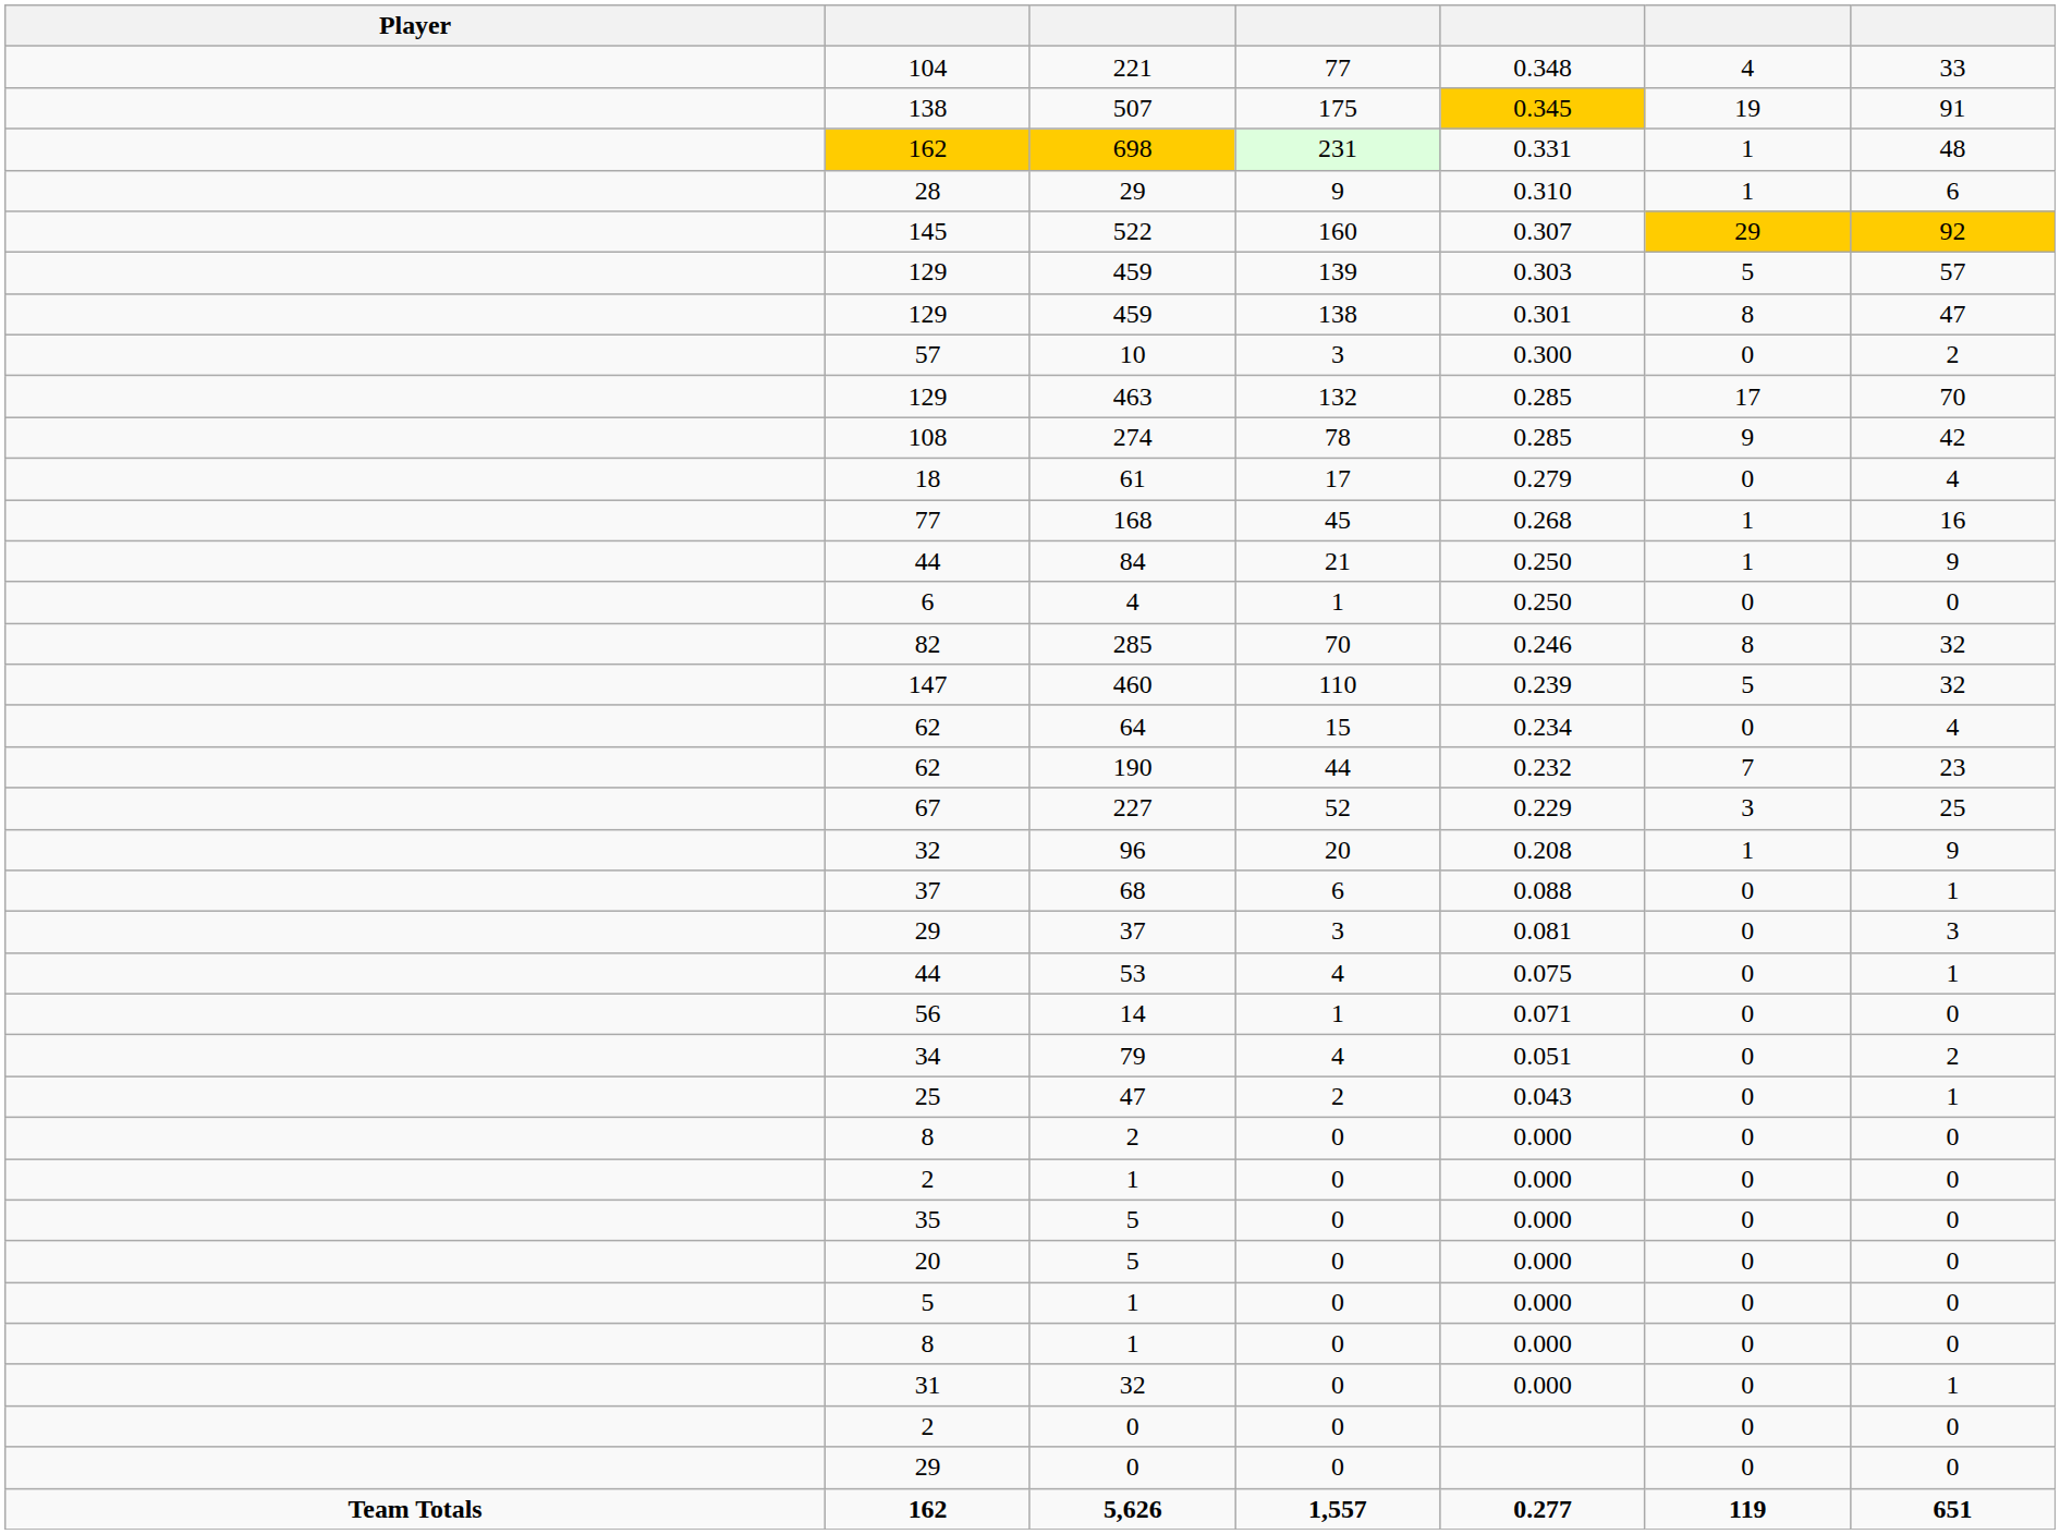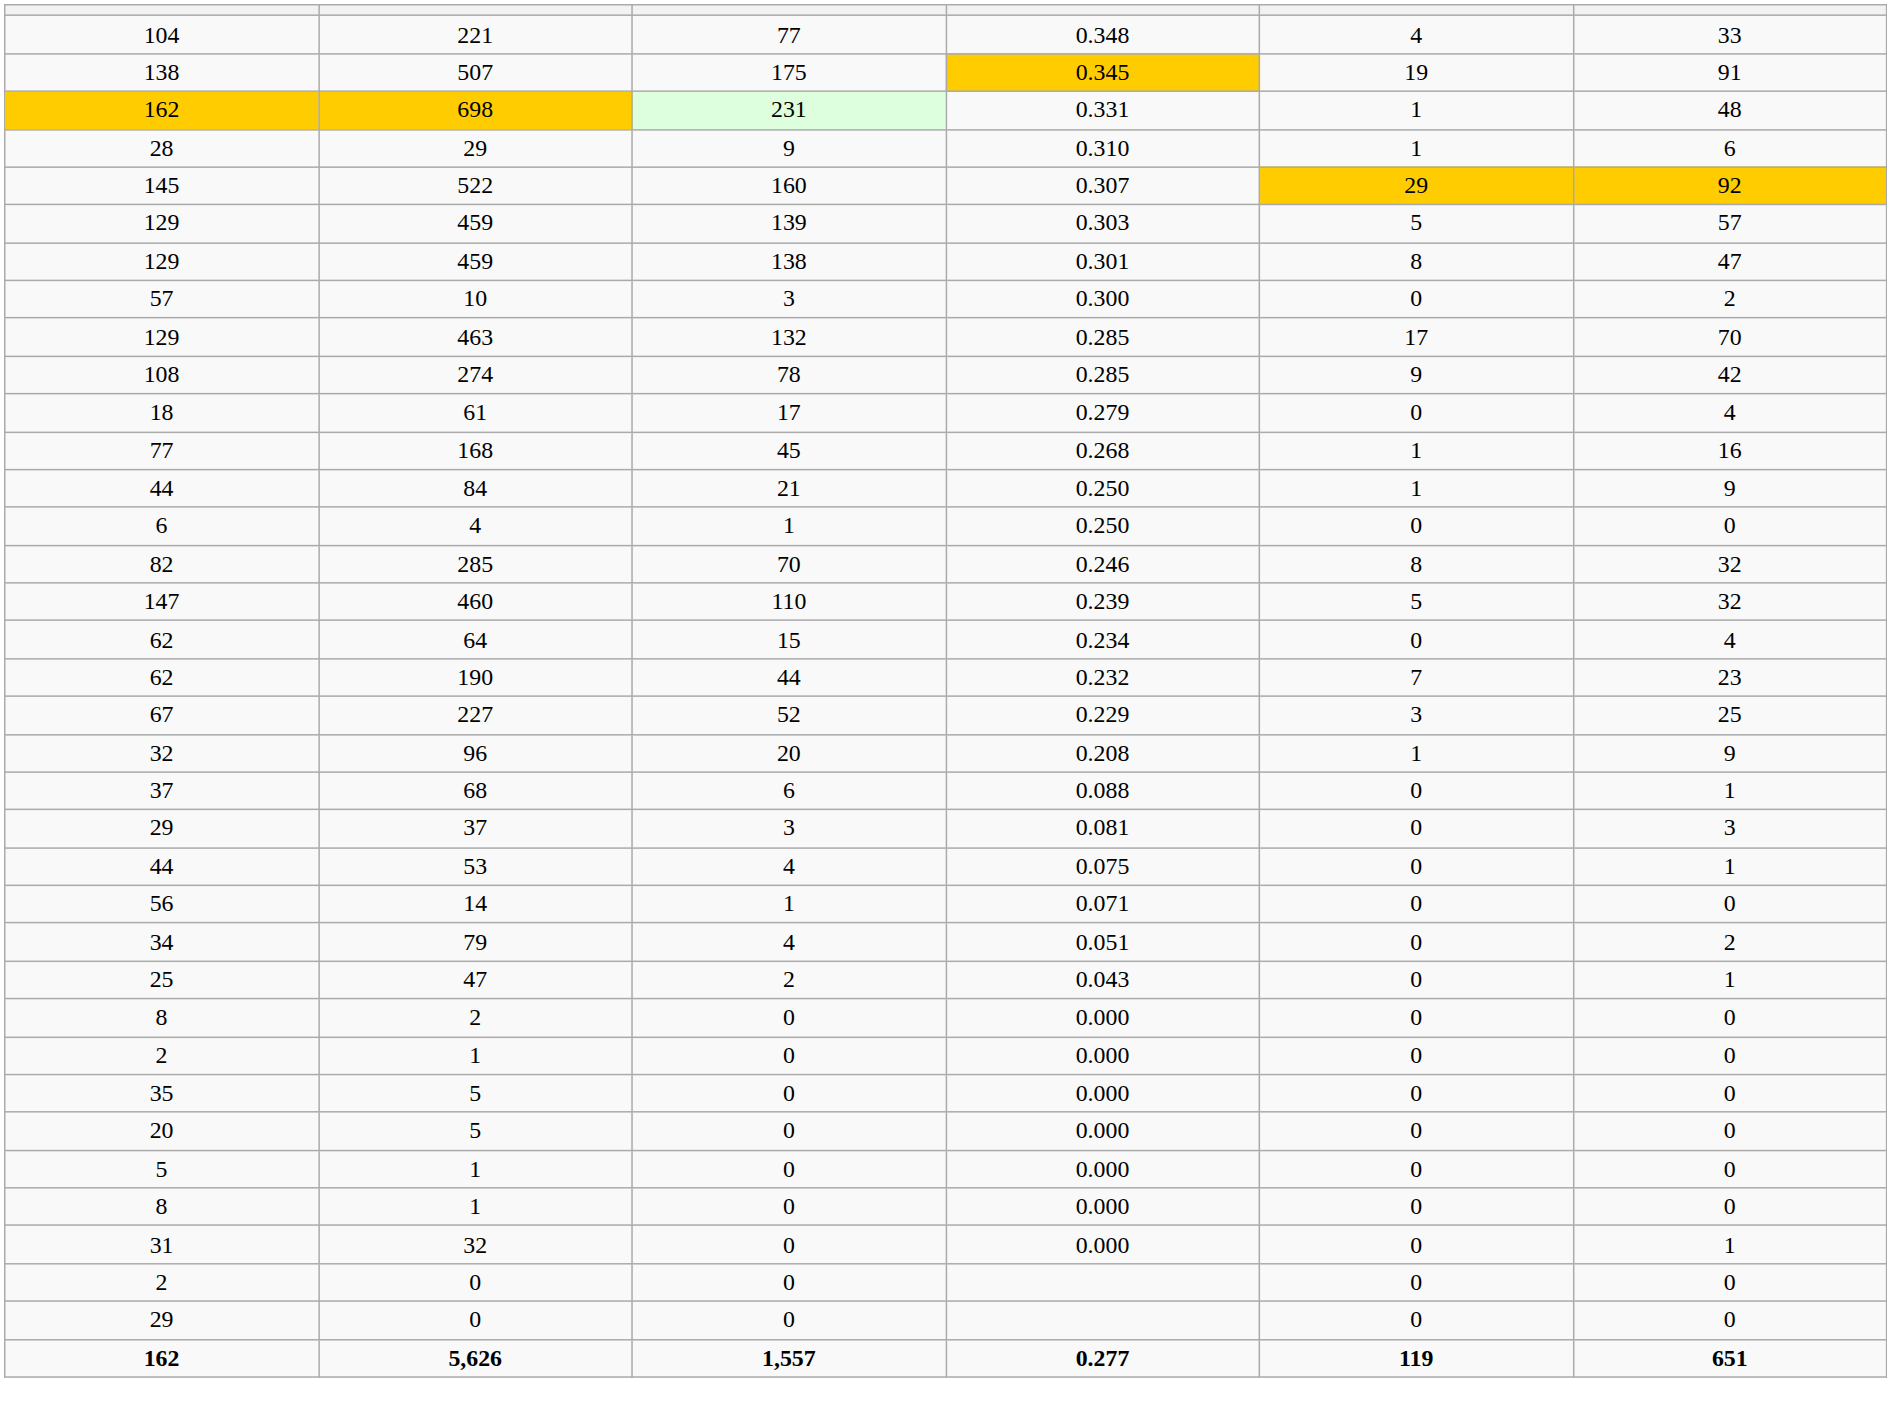 <table class="wikitable sortable" style="text-align:center;" width="100%">
 <tr>
-<th width="40%">Player</th>
 <th width="10%"></th>
 <th width="10%"></th>
 <th width="10%"></th>
 <th width="10%"></th>
 <th width="10%"></th>
 <th width="10%"></th>
 </tr>
 <tr>
-<td></td>
 <td>104</td>
 <td>221</td>
 <td>77</td>
 <td>0.348</td>
 <td>4</td>
 <td>33</td>
 </tr>
 <tr>
-<td></td>
 <td>138</td>
 <td>507</td>
 <td>175</td>
 <td style="background:#fc0;">0.345</td>
 <td>19</td>
 <td>91</td>
 </tr>
 <tr>
-<td></td>
 <td style="background:#fc0;">162</td>
 <td style="background:#fc0;">698</td>
 <td style="background:#DDFFDD;">231</td>
 <td>0.331</td>
 <td>1</td>
 <td>48</td>
 </tr>
 <tr>
-<td></td>
 <td>28</td>
 <td>29</td>
 <td>9</td>
 <td>0.310</td>
 <td>1</td>
 <td>6</td>
 </tr>
 <tr>
-<td></td>
 <td>145</td>
 <td>522</td>
 <td>160</td>
 <td>0.307</td>
 <td style="background:#fc0;">29</td>
 <td style="background:#fc0;">92</td>
 </tr>
 <tr>
-<td></td>
 <td>129</td>
 <td>459</td>
 <td>139</td>
 <td>0.303</td>
 <td>5</td>
 <td>57</td>
 </tr>
 <tr>
-<td></td>
 <td>129</td>
 <td>459</td>
 <td>138</td>
 <td>0.301</td>
 <td>8</td>
 <td>47</td>
 </tr>
 <tr>
-<td></td>
 <td>57</td>
 <td>10</td>
 <td>3</td>
 <td>0.300</td>
 <td>0</td>
 <td>2</td>
 </tr>
 <tr>
-<td></td>
 <td>129</td>
 <td>463</td>
 <td>132</td>
 <td>0.285</td>
 <td>17</td>
 <td>70</td>
 </tr>
 <tr>
-<td></td>
 <td>108</td>
 <td>274</td>
 <td>78</td>
 <td>0.285</td>
 <td>9</td>
 <td>42</td>
 </tr>
 <tr>
-<td></td>
 <td>18</td>
 <td>61</td>
 <td>17</td>
 <td>0.279</td>
 <td>0</td>
 <td>4</td>
 </tr>
 <tr>
-<td></td>
 <td>77</td>
 <td>168</td>
 <td>45</td>
 <td>0.268</td>
 <td>1</td>
 <td>16</td>
 </tr>
 <tr>
-<td></td>
 <td>44</td>
 <td>84</td>
 <td>21</td>
 <td>0.250</td>
 <td>1</td>
 <td>9</td>
 </tr>
 <tr>
-<td></td>
 <td>6</td>
 <td>4</td>
 <td>1</td>
 <td>0.250</td>
 <td>0</td>
 <td>0</td>
 </tr>
 <tr>
-<td></td>
 <td>82</td>
 <td>285</td>
 <td>70</td>
 <td>0.246</td>
 <td>8</td>
 <td>32</td>
 </tr>
 <tr>
-<td></td>
 <td>147</td>
 <td>460</td>
 <td>110</td>
 <td>0.239</td>
 <td>5</td>
 <td>32</td>
 </tr>
 <tr>
-<td></td>
 <td>62</td>
 <td>64</td>
 <td>15</td>
 <td>0.234</td>
 <td>0</td>
 <td>4</td>
 </tr>
 <tr>
-<td></td>
 <td>62</td>
 <td>190</td>
 <td>44</td>
 <td>0.232</td>
 <td>7</td>
 <td>23</td>
 </tr>
 <tr>
-<td></td>
 <td>67</td>
 <td>227</td>
 <td>52</td>
 <td>0.229</td>
 <td>3</td>
 <td>25</td>
 </tr>
 <tr>
-<td></td>
 <td>32</td>
 <td>96</td>
 <td>20</td>
 <td>0.208</td>
 <td>1</td>
 <td>9</td>
 </tr>
 <tr>
-<td></td>
 <td>37</td>
 <td>68</td>
 <td>6</td>
 <td>0.088</td>
 <td>0</td>
 <td>1</td>
 </tr>
 <tr>
-<td></td>
 <td>29</td>
 <td>37</td>
 <td>3</td>
 <td>0.081</td>
 <td>0</td>
 <td>3</td>
 </tr>
 <tr>
-<td></td>
 <td>44</td>
 <td>53</td>
 <td>4</td>
 <td>0.075</td>
 <td>0</td>
 <td>1</td>
 </tr>
 <tr>
-<td></td>
 <td>56</td>
 <td>14</td>
 <td>1</td>
 <td>0.071</td>
 <td>0</td>
 <td>0</td>
 </tr>
 <tr>
-<td></td>
 <td>34</td>
 <td>79</td>
 <td>4</td>
 <td>0.051</td>
 <td>0</td>
 <td>2</td>
 </tr>
 <tr>
-<td></td>
 <td>25</td>
 <td>47</td>
 <td>2</td>
 <td>0.043</td>
 <td>0</td>
 <td>1</td>
 </tr>
 <tr>
-<td></td>
 <td>8</td>
 <td>2</td>
 <td>0</td>
 <td>0.000</td>
 <td>0</td>
 <td>0</td>
 </tr>
 <tr>
-<td></td>
 <td>2</td>
 <td>1</td>
 <td>0</td>
 <td>0.000</td>
 <td>0</td>
 <td>0</td>
 </tr>
 <tr>
-<td></td>
 <td>35</td>
 <td>5</td>
 <td>0</td>
 <td>0.000</td>
 <td>0</td>
 <td>0</td>
 </tr>
 <tr>
-<td></td>
 <td>20</td>
 <td>5</td>
 <td>0</td>
 <td>0.000</td>
 <td>0</td>
 <td>0</td>
 </tr>
 <tr>
-<td></td>
 <td>5</td>
 <td>1</td>
 <td>0</td>
 <td>0.000</td>
 <td>0</td>
 <td>0</td>
 </tr>
 <tr>
-<td></td>
 <td>8</td>
 <td>1</td>
 <td>0</td>
 <td>0.000</td>
 <td>0</td>
 <td>0</td>
 </tr>
 <tr>
-<td></td>
 <td>31</td>
 <td>32</td>
 <td>0</td>
 <td>0.000</td>
 <td>0</td>
 <td>1</td>
 </tr>
 <tr>
-<td></td>
 <td>2</td>
 <td>0</td>
 <td>0</td>
 <td></td>
 <td>0</td>
 <td>0</td>
 </tr>
 <tr>
-<td></td>
 <td>29</td>
 <td>0</td>
 <td>0</td>
 <td></td>
 <td>0</td>
 <td>0</td>
 </tr>
 <tr>
-<td><strong>Team Totals</strong></td>
 <td><strong>162</strong></td>
 <td><strong>5,626</strong></td>
 <td><strong>1,557</strong></td>
 <td><strong>0.277</strong></td>
 <td><strong>119</strong></td>
 <td><strong>651</strong></td>
 </tr>
 </table>
